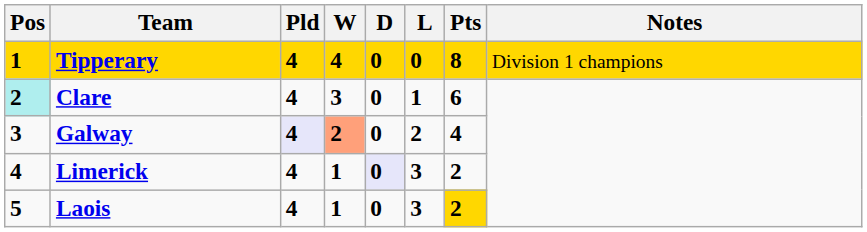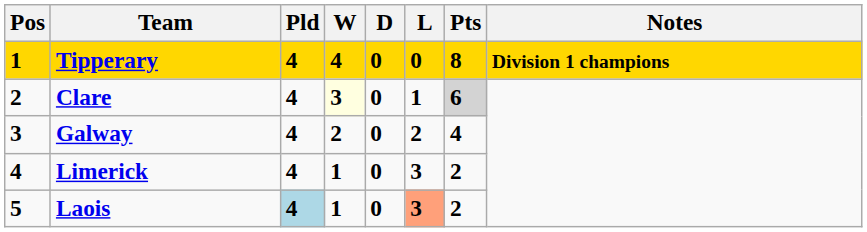 <table class="wikitable" style="text-align: centre;">
 <tr>
 <th width=20>Pos</th>
 <th width=150>Team</th>
 <th width=20>Pld</th>
 <th width=20>W</th>
 <th width=20>D</th>
 <th width=20>L</th>
 <th width=20>Pts</th>
 <th width=250>Notes</th>
 </tr>
 <tr style="background:gold;">
 <td><strong>1</strong></td>
 <td align=left><strong> <a href='#'>Tipperary</a> </strong></td>
 <td><strong>4</strong></td>
 <td><strong>4</strong></td>
 <td><strong>0</strong></td>
 <td><strong>0</strong></td>
 <td><strong>8</strong></td>
-<td><small> Division 1 champions</small></td>
+<td><strong><small> Division 1 champions</small></strong></td>
 </tr>
 <tr style>
-<td style="background: paleturquoise;"><strong>2</strong></td>
+<td><strong>2</strong></td>
 <td align=left><strong> <a href='#'>Clare</a> </strong></td>
 <td><strong>4</strong></td>
-<td><strong>3</strong></td>
+<td style="background: lightyellow;"><strong>3</strong></td>
 <td><strong>0</strong></td>
 <td><strong>1</strong></td>
-<td><strong>6</strong></td>
+<td style="background: lightgrey;"><strong>6</strong></td>
 </tr>
 <tr>
 <td><strong>3</strong></td>
 <td align=left><strong> <a href='#'>Galway</a> </strong></td>
-<td style="background: lavender;"><strong>4</strong></td>
-<td style="background: lightsalmon;"><strong>2</strong></td>
+<td><strong>4</strong></td>
+<td><strong>2</strong></td>
 <td><strong>0</strong></td>
 <td><strong>2</strong></td>
 <td><strong>4</strong></td>
 </tr>
 <tr style>
 <td><strong>4</strong></td>
 <td align=left><strong> <a href='#'>Limerick</a> </strong></td>
 <td><strong>4</strong></td>
 <td><strong>1</strong></td>
-<td style="background: lavender;"><strong>0</strong></td>
+<td><strong>0</strong></td>
 <td><strong>3</strong></td>
 <td><strong>2</strong></td>
 </tr>
 <tr>
 <td><strong>5</strong></td>
 <td align=left><strong> <a href='#'>Laois</a> </strong></td>
-<td><strong>4</strong></td>
+<td style="background: lightblue;"><strong>4</strong></td>
 <td><strong>1</strong></td>
 <td><strong>0</strong></td>
-<td><strong>3</strong></td>
-<td style="background: gold;"><strong>2</strong></td>
+<td style="background: lightsalmon;"><strong>3</strong></td>
+<td><strong>2</strong></td>
 </tr>
 </table>
